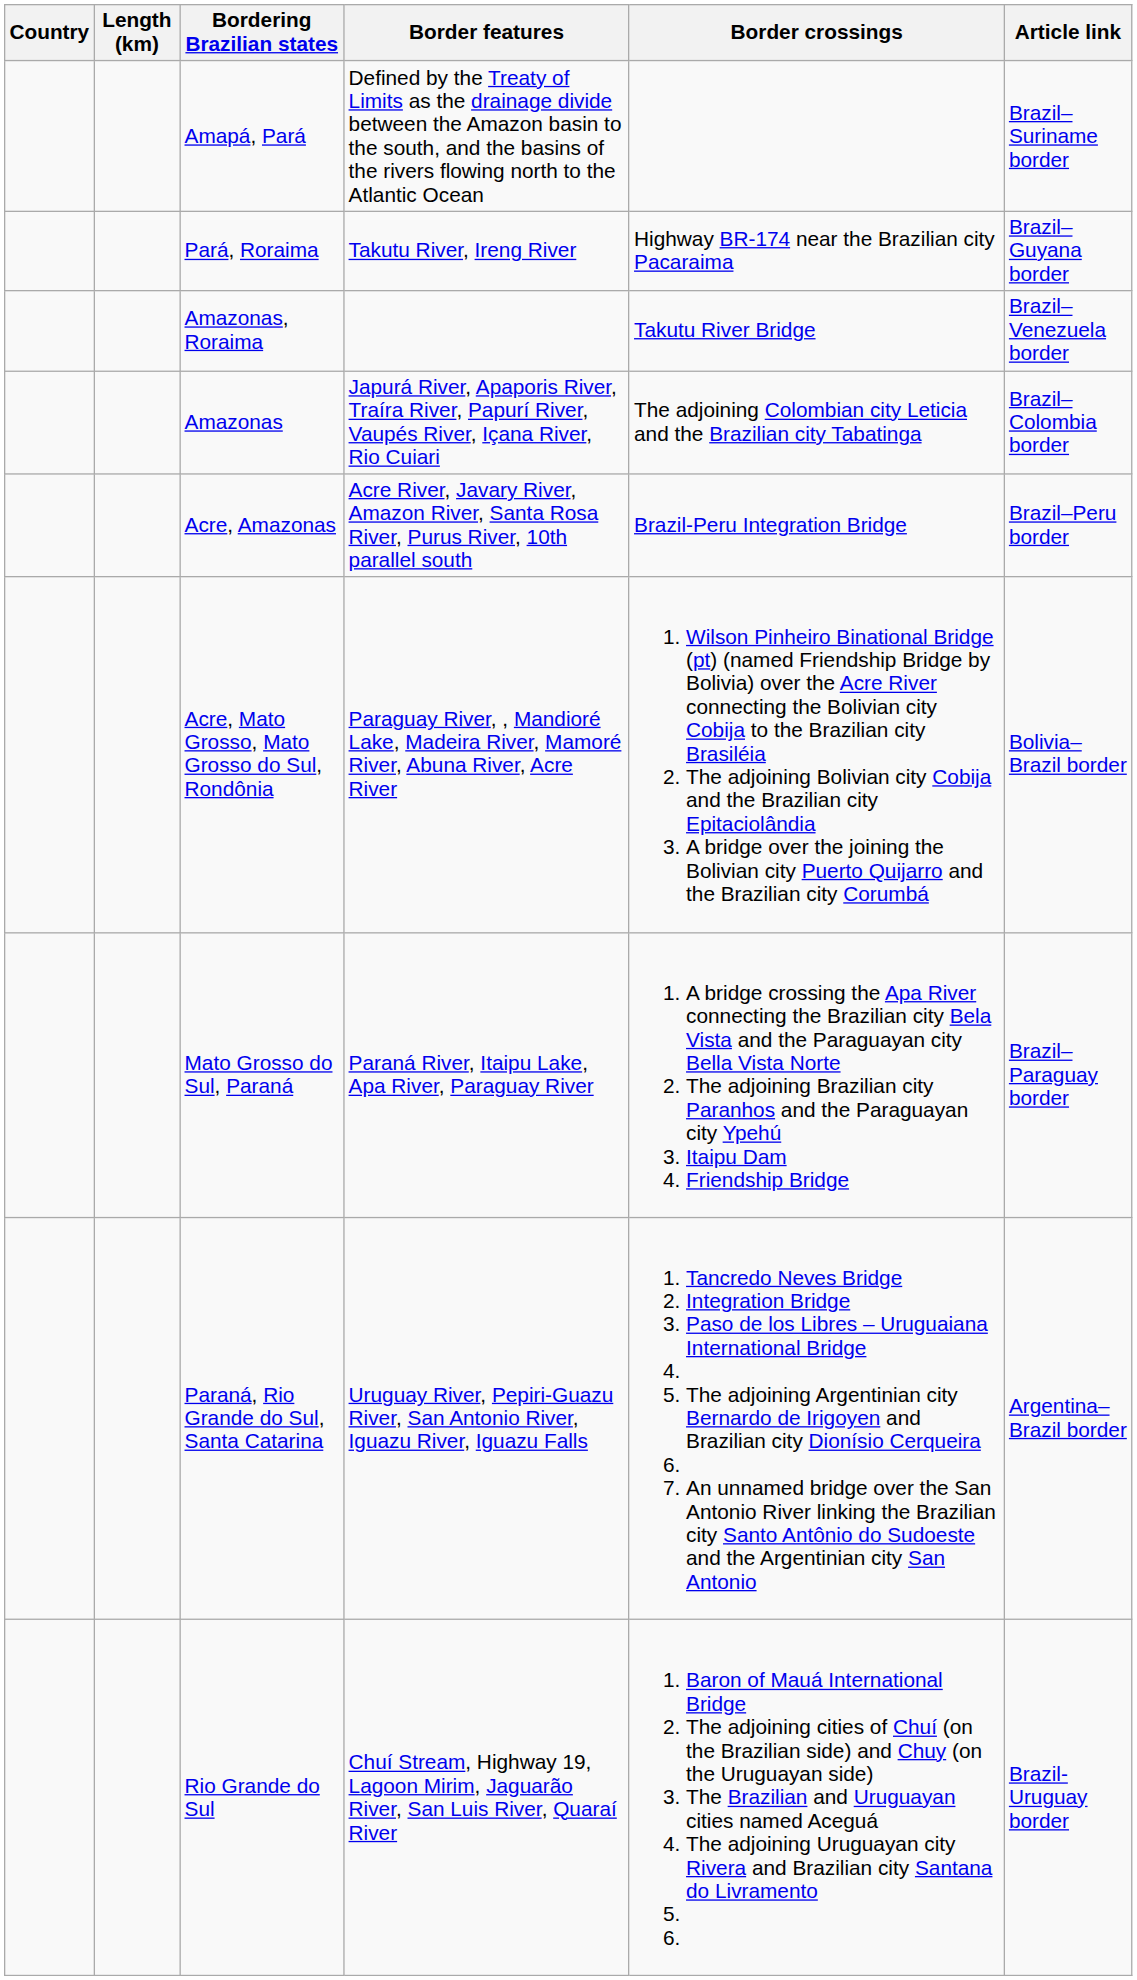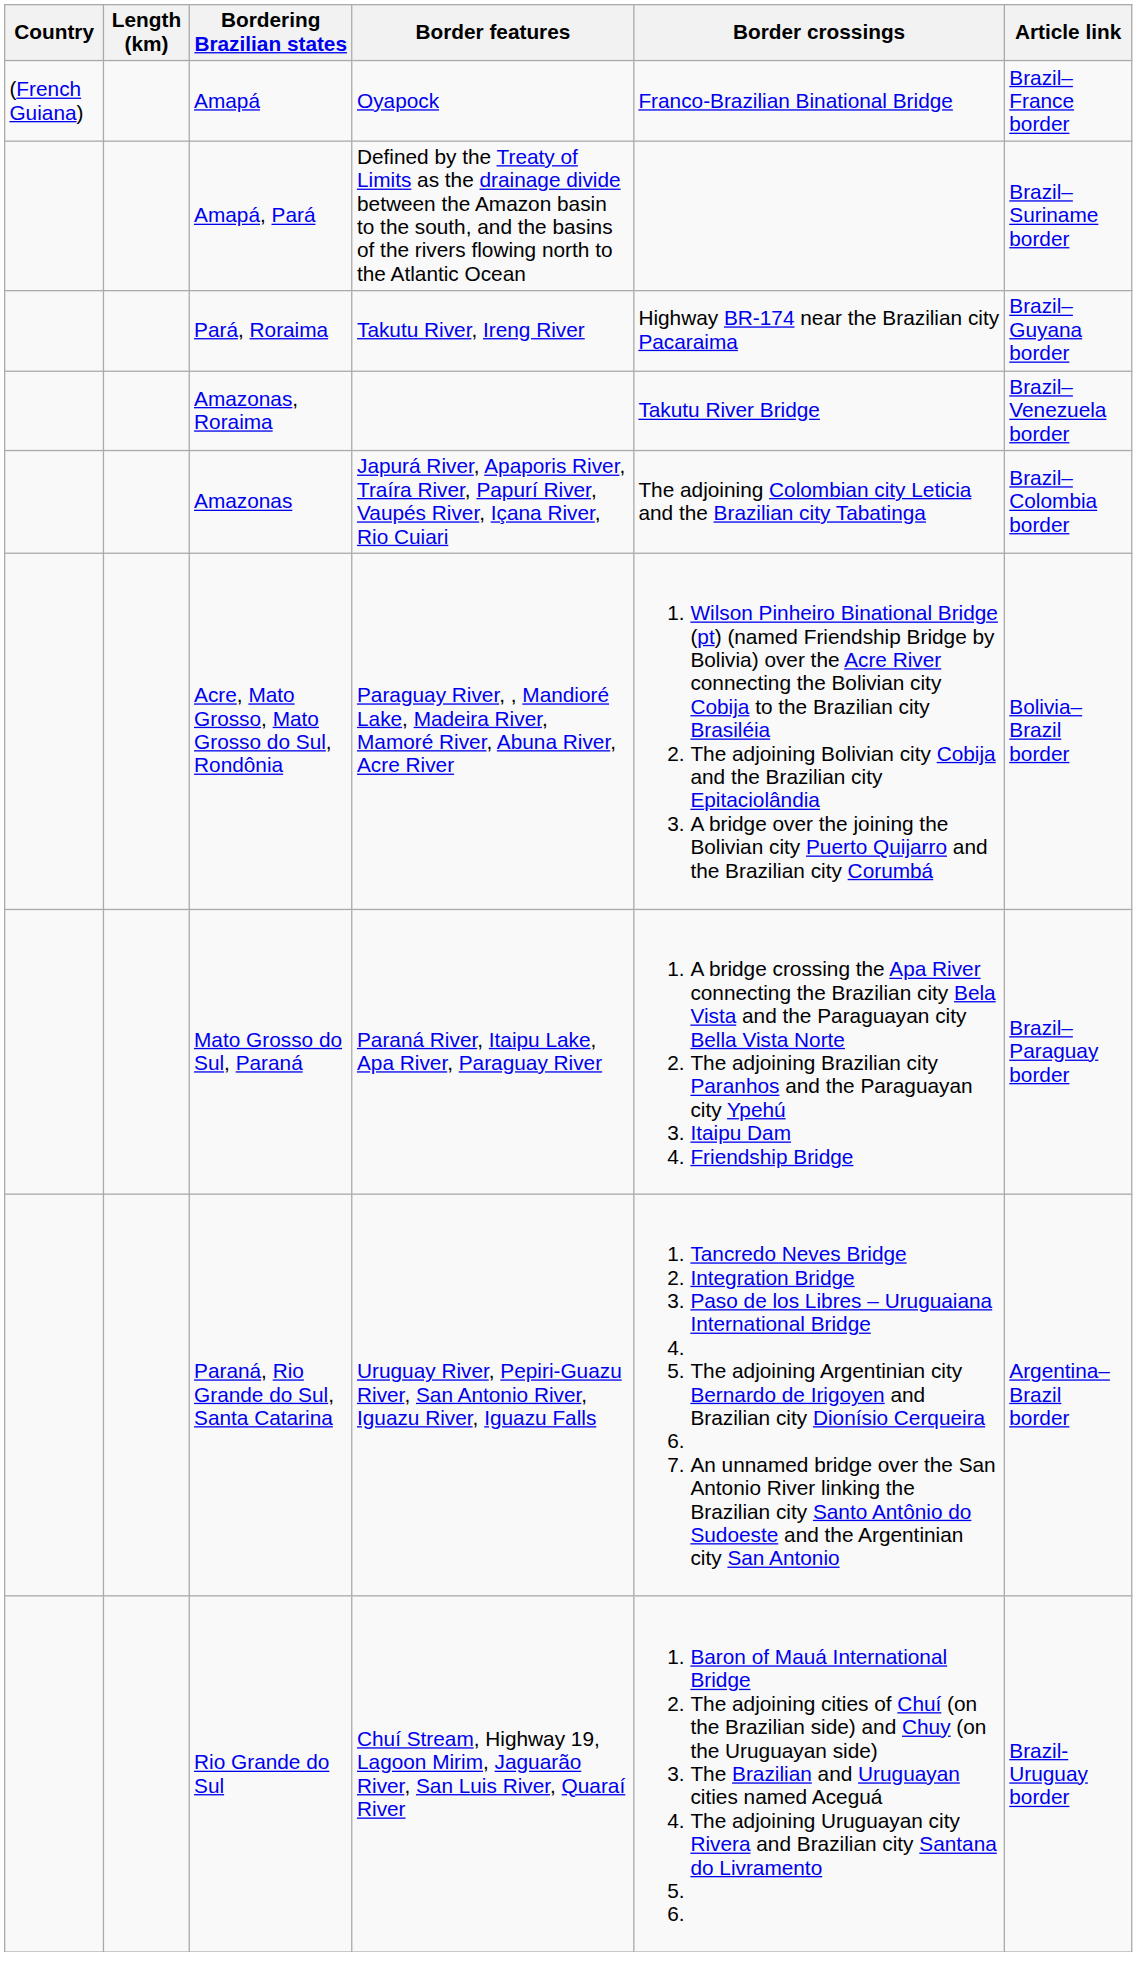 <table class="wikitable sortable">
 <tr>
 <th>Country</th>
 <th>Length (km)</th>
 <th>Bordering <a href='#'>Brazilian states</a></th>
 <th>Border features</th>
 <th>Border crossings</th>
 <th>Article link</th>
+</tr>
+<tr>
+<td><strong></strong> (<a href='#'>French Guiana</a>)</td>
+<td></td>
+<td><a href='#'>Amapá</a></td>
+<td><a href='#'>Oyapock</a></td>
+<td><a href='#'>Franco-Brazilian Binational Bridge</a></td>
+<td><a href='#'>Brazil–France border</a></td>
 </tr>
 <tr>
 <td><strong></strong></td>
 <td></td>
 <td><a href='#'>Amapá</a>, <a href='#'>Pará</a></td>
 <td>Defined by the <a href='#'>Treaty of Limits</a> as the <a href='#'>drainage divide</a> between the Amazon basin to the south, and the basins of the rivers flowing  north to the Atlantic Ocean</td>
 <td></td>
 <td><a href='#'>Brazil–Suriname border</a></td>
 </tr>
 <tr>
 <td><strong></strong></td>
 <td></td>
 <td><a href='#'>Pará</a>, <a href='#'>Roraima</a></td>
 <td><a href='#'>Takutu River</a>, <a href='#'>Ireng River</a></td>
 <td>Highway <a href='#'>BR-174</a> near the Brazilian city <a href='#'>Pacaraima</a></td>
 <td><a href='#'>Brazil–Guyana border</a></td>
 </tr>
 <tr>
 <td><strong></strong></td>
 <td></td>
 <td><a href='#'>Amazonas</a>, <a href='#'>Roraima</a></td>
 <td></td>
 <td><a href='#'>Takutu River Bridge</a></td>
 <td><a href='#'>Brazil–Venezuela border</a></td>
 </tr>
 <tr>
 <td><strong></strong></td>
 <td></td>
 <td><a href='#'>Amazonas</a></td>
 <td><a href='#'>Japurá River</a>, <a href='#'>Apaporis River</a>, <a href='#'>Traíra River</a>, <a href='#'>Papurí River</a>, <a href='#'>Vaupés River</a>, <a href='#'>Içana River</a>, <a href='#'>Rio Cuiari</a></td>
 <td>The adjoining <a href='#'>Colombian city Leticia</a> and the <a href='#'>Brazilian city Tabatinga</a></td>
 <td><a href='#'>Brazil–Colombia border</a></td>
 </tr>
 <tr>
 <td><strong></strong></td>
 <td></td>
-<td><a href='#'>Acre</a>, <a href='#'>Amazonas</a></td>
-<td><a href='#'>Acre River</a>, <a href='#'>Javary River</a>, <a href='#'>Amazon River</a>, <a href='#'>Santa Rosa River</a>, <a href='#'>Purus River</a>, <a href='#'>10th parallel south</a></td>
-<td><a href='#'>Brazil-Peru Integration Bridge</a></td>
-<td><a href='#'>Brazil–Peru border</a></td>
-</tr>
-<tr>
-<td><strong></strong></td>
-<td></td>
 <td><a href='#'>Acre</a>, <a href='#'>Mato Grosso</a>, <a href='#'>Mato Grosso do Sul</a>, <a href='#'>Rondônia</a></td>
 <td><a href='#'>Paraguay River</a>, , <a href='#'>Mandioré Lake</a>, <a href='#'>Madeira River</a>, <a href='#'>Mamoré River</a>, <a href='#'>Abuna River</a>, <a href='#'>Acre River</a></td>
 <td><br><ol><li><a href='#'>Wilson Pinheiro Binational Bridge</a> (<a href='#'>pt</a>) (named Friendship Bridge by Bolivia) over the <a href='#'>Acre River</a> connecting the Bolivian city <a href='#'>Cobija</a> to the Brazilian city <a href='#'>Brasiléia</a></li><li>The adjoining Bolivian city <a href='#'>Cobija</a> and  the Brazilian city <a href='#'>Epitaciolândia</a></li><li>A bridge over the  joining the Bolivian city <a href='#'>Puerto Quijarro</a> and  the Brazilian city <a href='#'>Corumbá</a></li></ol></td>
 <td><a href='#'>Bolivia–Brazil border</a></td>
 </tr>
 <tr>
 <td><strong></strong></td>
 <td></td>
 <td><a href='#'>Mato Grosso do Sul</a>, <a href='#'>Paraná</a></td>
 <td><a href='#'>Paraná River</a>, <a href='#'>Itaipu Lake</a>, <a href='#'>Apa River</a>, <a href='#'>Paraguay River</a></td>
 <td><br><ol><li>A bridge crossing the <a href='#'>Apa River</a> connecting the Brazilian city <a href='#'>Bela Vista</a> and the Paraguayan city <a href='#'>Bella Vista Norte</a></li><li>The adjoining Brazilian city <a href='#'>Paranhos</a> and the Paraguayan city <a href='#'>Ypehú</a></li><li><a href='#'>Itaipu Dam</a></li><li><a href='#'>Friendship Bridge</a></li></ol></td>
 <td><a href='#'>Brazil–Paraguay border</a></td>
 </tr>
 <tr>
 <td><strong></strong></td>
 <td></td>
 <td><a href='#'>Paraná</a>, <a href='#'>Rio Grande do Sul</a>, <a href='#'>Santa Catarina</a></td>
 <td><a href='#'>Uruguay River</a>, <a href='#'>Pepiri-Guazu River</a>, <a href='#'>San Antonio River</a>, <a href='#'>Iguazu River</a>, <a href='#'>Iguazu Falls</a></td>
 <td><br><ol><li><a href='#'>Tancredo Neves Bridge</a></li><li><a href='#'>Integration Bridge</a></li><li><a href='#'>Paso de los Libres – Uruguaiana International Bridge</a></li><li></li><li>The adjoining Argentinian city <a href='#'>Bernardo de Irigoyen</a> and Brazilian city <a href='#'>Dionísio Cerqueira</a></li><li></li><li>An unnamed bridge over the San Antonio River linking the Brazilian city <a href='#'>Santo Antônio do Sudoeste</a> and the Argentinian city <a href='#'>San Antonio</a></li></ol></td>
 <td><a href='#'>Argentina–Brazil border</a></td>
 </tr>
 <tr>
 <td><strong></strong></td>
 <td></td>
 <td><a href='#'>Rio Grande do Sul</a></td>
 <td><a href='#'>Chuí Stream</a>, Highway 19, <a href='#'>Lagoon Mirim</a>, <a href='#'>Jaguarão River</a>, <a href='#'>San Luis River</a>, <a href='#'>Quaraí River</a></td>
 <td><br><ol><li><a href='#'>Baron of Mauá International Bridge</a></li><li>The adjoining cities of <a href='#'>Chuí</a> (on the Brazilian side) and <a href='#'>Chuy</a> (on the Uruguayan side)</li><li>The <a href='#'>Brazilian</a> and <a href='#'>Uruguayan</a> cities named Aceguá</li><li>The adjoining Uruguayan city <a href='#'>Rivera</a> and Brazilian city <a href='#'>Santana do Livramento</a></li><li></li><li></li></ol></td>
 <td><a href='#'>Brazil-Uruguay border</a></td>
 </tr>
 </table>
